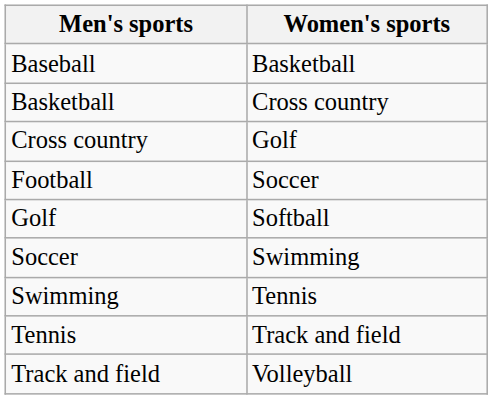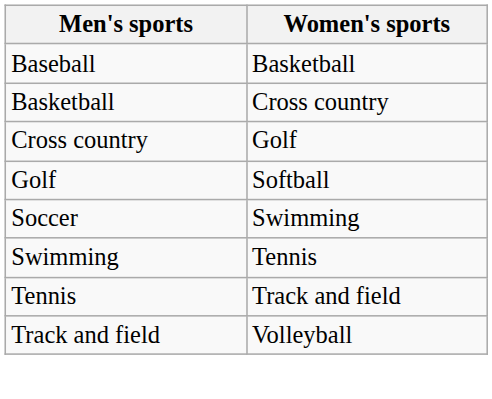 <table class="wikitable"; style="float:right; clear:right; margin-right:15px">
 <tr>
 <th width=150px>Men's sports</th>
 <th width=150px>Women's sports</th>
 </tr>
 <tr>
 <td>Baseball</td>
 <td>Basketball</td>
 </tr>
 <tr>
 <td>Basketball</td>
 <td>Cross country</td>
 </tr>
 <tr>
 <td>Cross country</td>
 <td>Golf</td>
-</tr>
-<tr>
-<td>Football</td>
-<td>Soccer</td>
 </tr>
 <tr>
 <td>Golf</td>
 <td>Softball</td>
 </tr>
 <tr>
 <td>Soccer</td>
 <td>Swimming</td>
 </tr>
 <tr>
 <td>Swimming</td>
 <td>Tennis</td>
 </tr>
 <tr>
 <td>Tennis</td>
 <td>Track and field</td>
 </tr>
 <tr>
 <td>Track and field</td>
 <td>Volleyball</td>
 </tr>
 </table>
